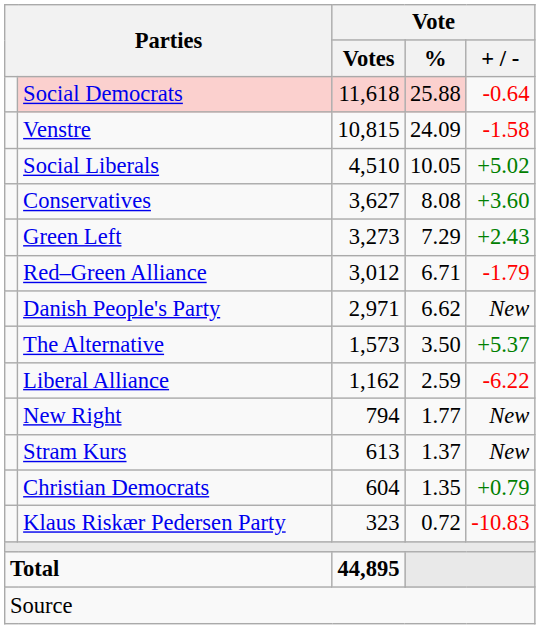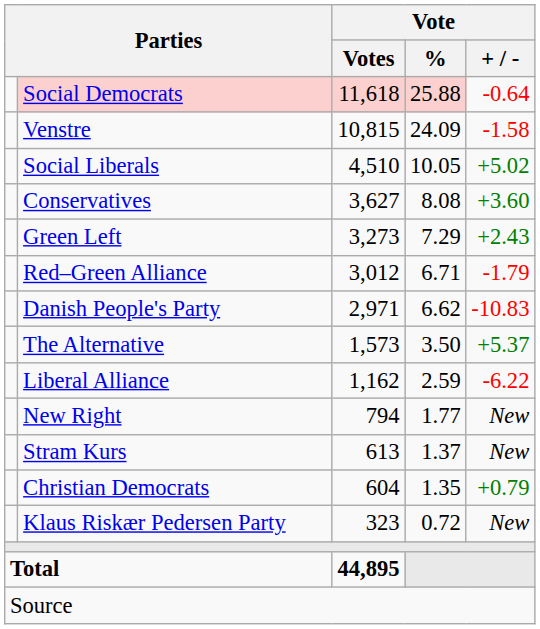 <table class="wikitable" style="text-align:right;">
 <tr>
 <th style="text-align:centre;" rowspan="2" colspan="2" width="225">Parties</th>
 <th colspan="3">Vote</th>
 </tr>
 <tr>
 <th width="15">Votes</th>
 <th width="15">%</th>
 <th width="15">+ / -</th>
 </tr>
 <tr>
 <td width="2" style="color:inherit;background:"></td>
 <td bgcolor=#fbd0ce  align="left"><a href='#'>Social Democrats</a></td>
 <td bgcolor=#fbd0ce>11,618</td>
 <td bgcolor=#fbd0ce>25.88</td>
 <td style=color:red;>-0.64</td>
 </tr>
 <tr>
 <td width="2" style="color:inherit;background:"></td>
 <td align="left"><a href='#'>Venstre</a></td>
 <td>10,815</td>
 <td>24.09</td>
 <td style=color:red;>-1.58</td>
 </tr>
 <tr>
 <td width="2" style="color:inherit;background:"></td>
 <td align="left"><a href='#'>Social Liberals</a></td>
 <td>4,510</td>
 <td>10.05</td>
 <td style=color:green;>+5.02</td>
 </tr>
 <tr>
 <td width="2" style="color:inherit;background:"></td>
 <td align="left"><a href='#'>Conservatives</a></td>
 <td>3,627</td>
 <td>8.08</td>
 <td style=color:green;>+3.60</td>
 </tr>
 <tr>
 <td width="2" style="color:inherit;background:"></td>
 <td align="left"><a href='#'>Green Left</a></td>
 <td>3,273</td>
 <td>7.29</td>
 <td style=color:green;>+2.43</td>
 </tr>
 <tr>
 <td width="2" style="color:inherit;background:"></td>
 <td align="left"><a href='#'>Red–Green Alliance</a></td>
 <td>3,012</td>
 <td>6.71</td>
 <td style=color:red;>-1.79</td>
 </tr>
 <tr>
 <td width="2" style="color:inherit;background:"></td>
 <td align="left"><a href='#'>Danish People's Party</a></td>
 <td>2,971</td>
 <td>6.62</td>
-<td><em>New</em></td>
+<td style=color:red;>-10.83</td>
 </tr>
 <tr>
 <td width="2" style="color:inherit;background:"></td>
 <td align="left"><a href='#'>The Alternative</a></td>
 <td>1,573</td>
 <td>3.50</td>
 <td style=color:green;>+5.37</td>
 </tr>
 <tr>
 <td width="2" style="color:inherit;background:"></td>
 <td align="left"><a href='#'>Liberal Alliance</a></td>
 <td>1,162</td>
 <td>2.59</td>
 <td style=color:red;>-6.22</td>
 </tr>
 <tr>
 <td width="2" style="color:inherit;background:"></td>
 <td align="left"><a href='#'>New Right</a></td>
 <td>794</td>
 <td>1.77</td>
 <td><em>New</em></td>
 </tr>
 <tr>
 <td width="2" style="color:inherit;background:"></td>
 <td align="left"><a href='#'>Stram Kurs</a></td>
 <td>613</td>
 <td>1.37</td>
 <td><em>New</em></td>
 </tr>
 <tr>
 <td width="2" style="color:inherit;background:"></td>
 <td align="left"><a href='#'>Christian Democrats</a></td>
 <td>604</td>
 <td>1.35</td>
 <td style=color:green;>+0.79</td>
 </tr>
 <tr>
 <td width="2" style="color:inherit;background:"></td>
 <td align="left"><a href='#'>Klaus Riskær Pedersen Party</a></td>
 <td>323</td>
 <td>0.72</td>
-<td style=color:red;>-10.83</td>
+<td><em>New</em></td>
 </tr>
 <tr>
 <td colspan="7" bgcolor="#E9E9E9"></td>
 </tr>
 <tr>
 <td align="left" colspan="2"><strong>Total</strong></td>
 <td><strong>44,895</strong></td>
 <td bgcolor="#E9E9E9" colspan="2"></td>
 </tr>
 <tr>
 <td align="left" colspan="6">Source</td>
 </tr>
 </table>
